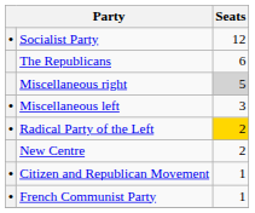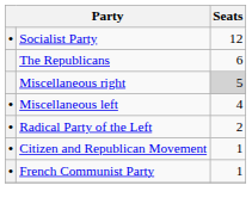 <table class="wikitable" style="font-size: 95%;">
 <tr>
 <th colspan=2>Party</th>
 <th>Seats</th>
 </tr>
 <tr>
 <th style="background-color: "><span>•</span></th>
 <td><a href='#'>Socialist Party</a></td>
 <td align="right">12</td>
 </tr>
 <tr>
 <th style="background-color: "></th>
 <td><a href='#'>The Republicans</a></td>
 <td align="right">6</td>
 </tr>
 <tr>
 <th style="background-color: "></th>
 <td><a href='#'>Miscellaneous right</a></td>
 <td align="right" style="background: lightgrey;">5</td>
 </tr>
 <tr>
 <th style="background-color: "><span>•</span></th>
 <td><a href='#'>Miscellaneous left</a></td>
-<td align="right">3</td>
+<td align="right">4</td>
 </tr>
 <tr>
 <th style="background-color: "><span>•</span></th>
 <td><a href='#'>Radical Party of the Left</a></td>
-<td align="right" style="background: gold;">2</td>
-</tr>
-<tr>
-<th style="background-color: "></th>
-<td><a href='#'>New Centre</a></td>
 <td align="right">2</td>
 </tr>
 <tr>
 <th style="background-color: "><span>•</span></th>
 <td><a href='#'>Citizen and Republican Movement</a></td>
 <td align="right">1</td>
 </tr>
 <tr>
 <th style="background-color: "><span>•</span></th>
 <td><a href='#'>French Communist Party</a></td>
 <td align="right">1</td>
 </tr>
 <tr>
 </tr>
 </table>
